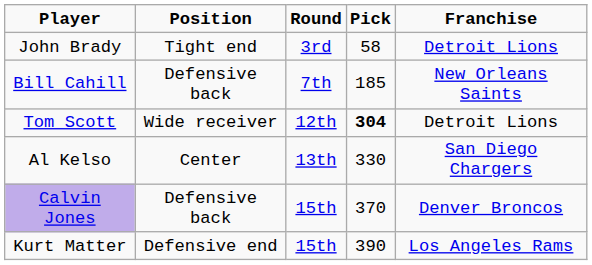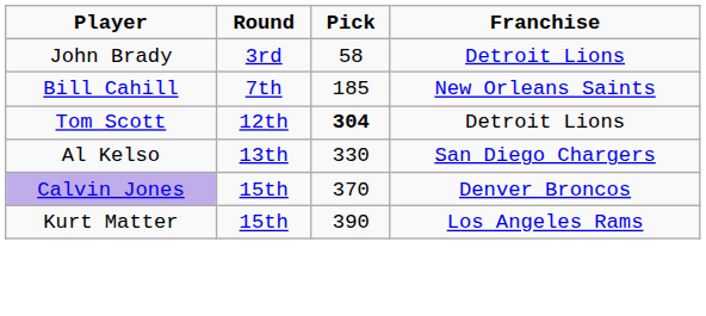 <table class="wikitable" width="50%">
 <tr align="center">
 <td><strong>Player</strong></td>
-<td><strong>Position</strong></td>
 <td><strong>Round</strong></td>
 <td><strong>Pick</strong></td>
 <td><strong>Franchise</strong></td>
 </tr>
 <tr align="center" bgcolor="">
 <td>John Brady</td>
-<td>Tight end</td>
 <td><a href='#'>3rd</a></td>
 <td>58</td>
 <td><a href='#'>Detroit Lions</a></td>
 </tr>
 <tr align="center" bgcolor="">
 <td><a href='#'>Bill Cahill</a></td>
-<td>Defensive back</td>
 <td><a href='#'>7th</a></td>
 <td>185</td>
 <td><a href='#'>New Orleans Saints</a></td>
 </tr>
 <tr align="center" bgcolor="">
 <td><a href='#'>Tom Scott</a></td>
-<td>Wide receiver</td>
 <td><a href='#'>12th</a></td>
 <td><strong>304</strong></td>
 <td>Detroit Lions</td>
 </tr>
 <tr align="center" bgcolor="">
 <td>Al Kelso</td>
-<td>Center</td>
 <td><a href='#'>13th</a></td>
 <td>330</td>
 <td><a href='#'>San Diego Chargers</a></td>
 </tr>
 <tr align="center" bgcolor="">
 <td bgcolor="C0ACEA"><a href='#'>Calvin Jones</a></td>
-<td>Defensive back</td>
 <td><a href='#'>15th</a></td>
 <td>370</td>
 <td><a href='#'>Denver Broncos</a></td>
 </tr>
 <tr align="center" bgcolor="">
 <td>Kurt Matter</td>
-<td>Defensive end</td>
 <td><a href='#'>15th</a></td>
 <td>390</td>
 <td><a href='#'>Los Angeles Rams</a></td>
 </tr>
 </table>
